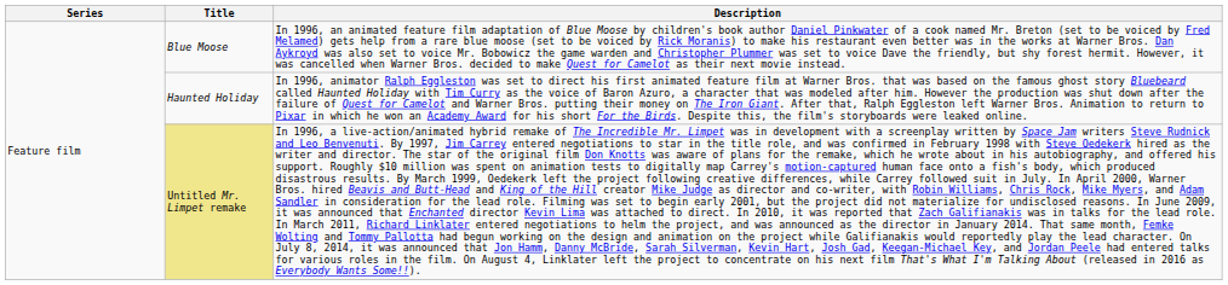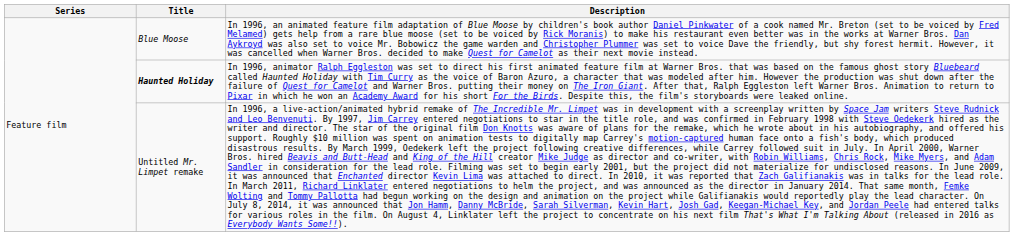 <table class="wikitable">
 <tr>
 <th style="width:150pt;">Series</th>
 <th style="width:100pt;">Title</th>
 <th>Description</th>
 </tr>
 <tr>
 <td rowspan="3">Feature film</td>
 <td><em>Blue Moose</em></td>
 <td>In 1996, an animated feature film adaptation of <em>Blue Moose</em> by children's book author <a href='#'>Daniel Pinkwater</a> of a cook named Mr. Breton (set to be voiced by <a href='#'>Fred Melamed</a>) gets help from a rare blue moose (set to be voiced by <a href='#'>Rick Moranis</a>) to make his restaurant even better was in the works at Warner Bros. <a href='#'>Dan Aykroyd</a> was also set to voice Mr. Bobowicz the game warden and <a href='#'>Christopher Plummer</a> was set to voice Dave the friendly, but shy forest hermit. However, it was cancelled when Warner Bros. decided to make <em><a href='#'>Quest for Camelot</a></em> as their next movie instead.</td>
 </tr>
 <tr>
-<td><em>Haunted Holiday</em></td>
+<td><strong><em>Haunted Holiday</em></strong></td>
 <td>In 1996, animator <a href='#'>Ralph Eggleston</a> was set to direct his first animated feature film at Warner Bros. that was based on the famous ghost story <em><a href='#'>Bluebeard</a></em> called <em>Haunted Holiday</em> with <a href='#'>Tim Curry</a> as the voice of Baron Azuro, a character that was modeled after him. However the production was shut down after the failure of <em><a href='#'>Quest for Camelot</a></em> and Warner Bros. putting their money on <em><a href='#'>The Iron Giant</a></em>. After that, Ralph Eggleston left Warner Bros. Animation to return to <a href='#'>Pixar</a> in which he won an <a href='#'>Academy Award</a> for his short <em><a href='#'>For the Birds</a></em>. Despite this, the film's storyboards were leaked online.</td>
 </tr>
 <tr>
-<td style="background: khaki;">Untitled <em>Mr. Limpet</em> remake</td>
+<td>Untitled <em>Mr. Limpet</em> remake</td>
 <td>In 1996, a live-action/animated hybrid remake of <em><a href='#'>The Incredible Mr. Limpet</a></em> was in development with a screenplay written by <em><a href='#'>Space Jam</a></em> writers <a href='#'>Steve Rudnick and Leo Benvenuti</a>. By 1997, <a href='#'>Jim Carrey</a> entered negotiations to star in the title role, and was confirmed in February 1998 with <a href='#'>Steve Oedekerk</a> hired as the writer and director. The star of the original film <a href='#'>Don Knotts</a> was aware of plans for the remake, which he wrote about in his autobiography, and offered his support. Roughly $10 million was spent on animation tests to digitally map Carrey's <a href='#'>motion-captured</a> human face onto a fish's body, which produced disastrous results. By March 1999, Oedekerk left the project following creative differences, while Carrey followed suit in July. In April 2000, Warner Bros. hired <em><a href='#'>Beavis and Butt-Head</a></em> and <em><a href='#'>King of the Hill</a></em> creator <a href='#'>Mike Judge</a> as director and co-writer, with <a href='#'>Robin Williams</a>, <a href='#'>Chris Rock</a>, <a href='#'>Mike Myers</a>, and <a href='#'>Adam Sandler</a> in consideration for the lead role. Filming was set to begin early 2001, but the project did not materialize for undisclosed reasons. In June 2009, it was announced that <em><a href='#'>Enchanted</a></em> director <a href='#'>Kevin Lima</a> was attached to direct. In 2010, it was reported that <a href='#'>Zach Galifianakis</a> was in talks for the lead role. In March 2011, <a href='#'>Richard Linklater</a> entered negotiations to helm the project, and was announced as the director in January 2014. That same month, <a href='#'>Femke Wolting</a> and <a href='#'>Tommy Pallotta</a> had begun working on the design and animation on the project while Galifianakis would reportedly play the lead character. On July 8, 2014, it was announced that <a href='#'>Jon Hamm</a>, <a href='#'>Danny McBride</a>, <a href='#'>Sarah Silverman</a>, <a href='#'>Kevin Hart</a>, <a href='#'>Josh Gad</a>, <a href='#'>Keegan-Michael Key</a>, and <a href='#'>Jordan Peele</a> had entered talks for various roles in the film. On August 4, Linklater left the project to concentrate on his next film <em>That's What I'm Talking About</em> (released in 2016 as <em><a href='#'>Everybody Wants Some!!</a></em>).</td>
 </tr>
 </table>
